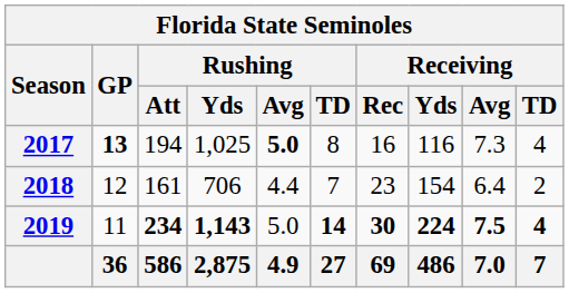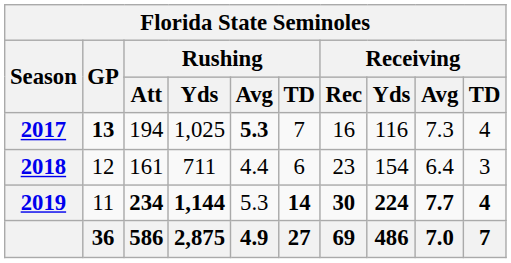 <table class="wikitable" style="text-align:center;">
 <tr>
 <th colspan="10">Florida State Seminoles</th>
 </tr>
 <tr>
 <th rowspan="2">Season</th>
 <th rowspan="2">GP</th>
 <th colspan="4">Rushing</th>
 <th colspan="4">Receiving</th>
 </tr>
 <tr>
 <th>Att</th>
 <th>Yds</th>
 <th>Avg</th>
 <th>TD</th>
 <th>Rec</th>
 <th>Yds</th>
 <th>Avg</th>
 <th>TD</th>
 </tr>
 <tr>
 <th><a href='#'>2017</a></th>
 <td><strong>13</strong></td>
 <td>194</td>
 <td>1,025</td>
-<td><strong>5.0</strong></td>
-<td>8</td>
+<td><strong>5.3</strong></td>
+<td>7</td>
 <td>16</td>
 <td>116</td>
 <td>7.3</td>
 <td>4</td>
 </tr>
 <tr>
 <th><a href='#'>2018</a></th>
 <td>12</td>
 <td>161</td>
-<td>706</td>
+<td>711</td>
 <td>4.4</td>
-<td>7</td>
+<td>6</td>
 <td>23</td>
 <td>154</td>
 <td>6.4</td>
-<td>2</td>
+<td>3</td>
 </tr>
 <tr>
 <th><a href='#'>2019</a></th>
 <td>11</td>
 <td><strong>234</strong></td>
-<td><strong>1,143</strong></td>
-<td>5.0</td>
+<td><strong>1,144</strong></td>
+<td>5.3</td>
 <td><strong>14</strong></td>
 <td><strong>30</strong></td>
 <td><strong>224</strong></td>
-<td><strong>7.5</strong></td>
+<td><strong>7.7</strong></td>
 <td><strong>4</strong></td>
 </tr>
 <tr>
 <th></th>
 <th>36</th>
 <th>586</th>
 <th>2,875</th>
 <th>4.9</th>
 <th>27</th>
 <th>69</th>
 <th>486</th>
 <th>7.0</th>
 <th>7</th>
 </tr>
 </table>
